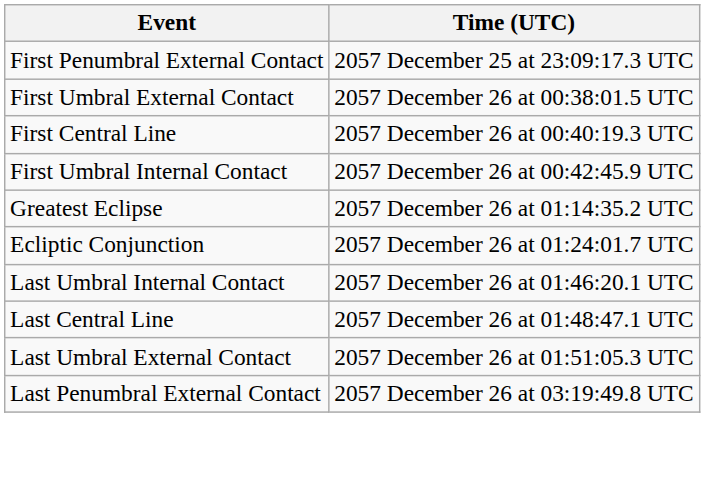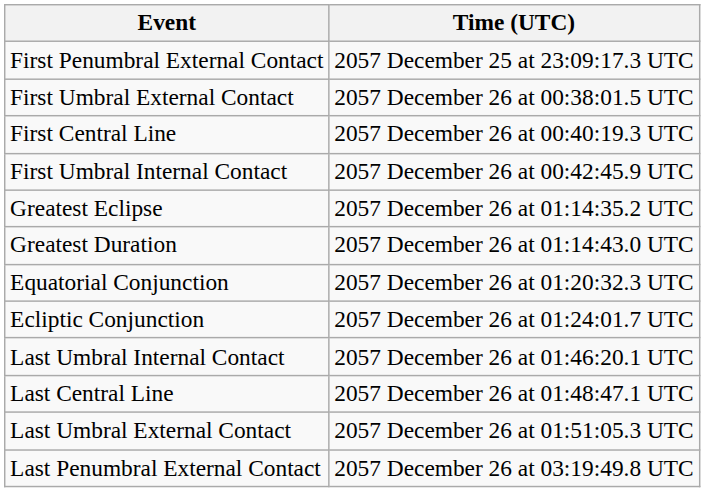 <table class="wikitable">
 <tr>
 <th>Event</th>
 <th>Time (UTC)</th>
 </tr>
 <tr>
 <td>First Penumbral External Contact</td>
 <td>2057 December 25 at 23:09:17.3 UTC</td>
 </tr>
 <tr>
 <td>First Umbral External Contact</td>
 <td>2057 December 26 at 00:38:01.5 UTC</td>
 </tr>
 <tr>
 <td>First Central Line</td>
 <td>2057 December 26 at 00:40:19.3 UTC</td>
 </tr>
 <tr>
 <td>First Umbral Internal Contact</td>
 <td>2057 December 26 at 00:42:45.9 UTC</td>
 </tr>
 <tr>
 <td>Greatest Eclipse</td>
 <td>2057 December 26 at 01:14:35.2 UTC</td>
 </tr>
 <tr>
+<td>Greatest Duration</td>
+<td>2057 December 26 at 01:14:43.0 UTC</td>
+</tr>
+<tr>
+<td>Equatorial Conjunction</td>
+<td>2057 December 26 at 01:20:32.3 UTC</td>
+</tr>
+<tr>
 <td>Ecliptic Conjunction</td>
 <td>2057 December 26 at 01:24:01.7 UTC</td>
 </tr>
 <tr>
 <td>Last Umbral Internal Contact</td>
 <td>2057 December 26 at 01:46:20.1 UTC</td>
 </tr>
 <tr>
 <td>Last Central Line</td>
 <td>2057 December 26 at 01:48:47.1 UTC</td>
 </tr>
 <tr>
 <td>Last Umbral External Contact</td>
 <td>2057 December 26 at 01:51:05.3 UTC</td>
 </tr>
 <tr>
 <td>Last Penumbral External Contact</td>
 <td>2057 December 26 at 03:19:49.8 UTC</td>
 </tr>
 </table>
